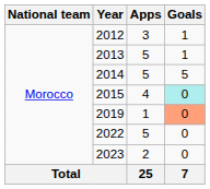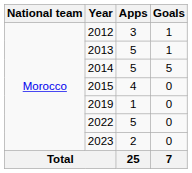 <table class="wikitable" style="text-align:center">
 <tr>
 <th>National team</th>
 <th>Year</th>
 <th>Apps</th>
 <th>Goals</th>
 </tr>
 <tr>
 <td rowspan="7"><a href='#'>Morocco</a></td>
 <td>2012</td>
 <td>3</td>
 <td>1</td>
 </tr>
 <tr>
 <td>2013</td>
 <td>5</td>
 <td>1</td>
 </tr>
 <tr>
 <td>2014</td>
 <td>5</td>
 <td>5</td>
 </tr>
 <tr>
 <td>2015</td>
 <td>4</td>
-<td style="background: paleturquoise;">0</td>
+<td>0</td>
 </tr>
 <tr>
 <td>2019</td>
 <td>1</td>
-<td style="background: lightsalmon;">0</td>
+<td>0</td>
 </tr>
 <tr>
 <td>2022</td>
 <td>5</td>
 <td>0</td>
 </tr>
 <tr>
 <td>2023</td>
 <td>2</td>
 <td>0</td>
 </tr>
 <tr>
 <th colspan="2">Total</th>
 <th>25</th>
 <th>7</th>
 </tr>
 </table>
